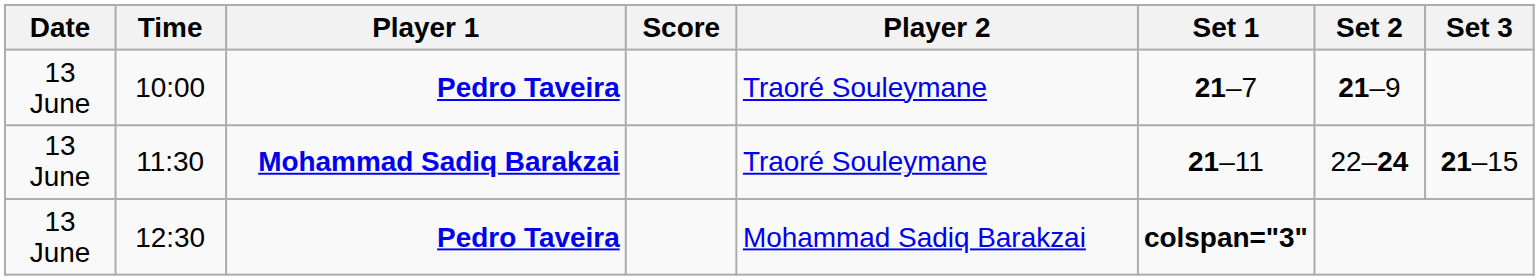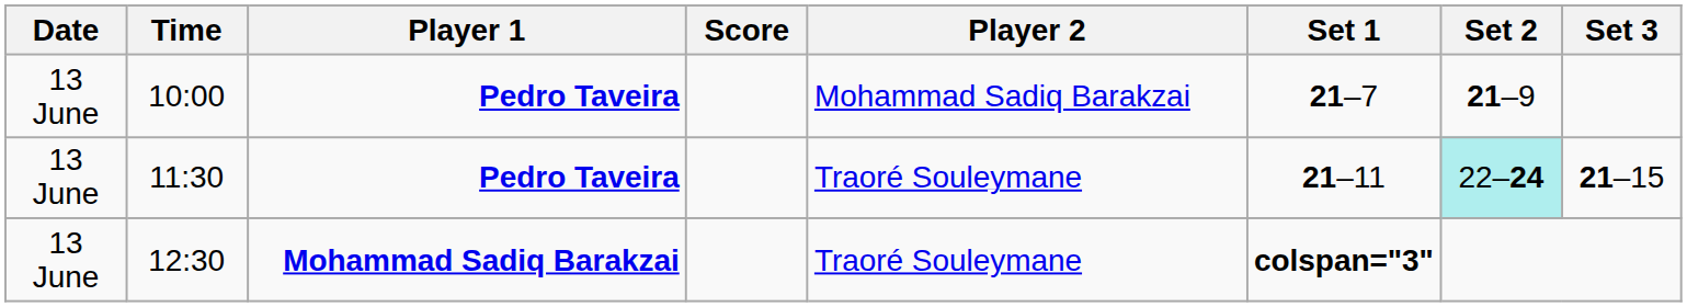 <table class="wikitable" style="font-size:90%; text-align:center">
 <tr>
 <th width="50">Date</th>
 <th width="50">Time</th>
 <th width="200">Player 1</th>
 <th width="50">Score</th>
 <th width="200">Player 2</th>
 <th width="50">Set 1</th>
 <th width="50">Set 2</th>
 <th width="50">Set 3</th>
 </tr>
 <tr>
 <td>13 June</td>
 <td>10:00</td>
 <td align="right"><strong><a href='#'>Pedro Taveira</a> </strong></td>
 <td></td>
-<td align="left"> <a href='#'>Traoré Souleymane</a></td>
+<td align="left"> <a href='#'>Mohammad Sadiq Barakzai</a></td>
 <td><strong>21</strong>–7</td>
 <td><strong>21</strong>–9</td>
 <td></td>
 </tr>
 <tr>
 <td>13 June</td>
 <td>11:30</td>
-<td align="right"><strong><a href='#'>Mohammad Sadiq Barakzai</a> </strong></td>
+<td align="right"><strong><a href='#'>Pedro Taveira</a> </strong></td>
 <td></td>
 <td align="left"> <a href='#'>Traoré Souleymane</a></td>
 <td><strong>21</strong>–11</td>
-<td>22–<strong>24</strong></td>
+<td style="background: paleturquoise;">22–<strong>24</strong></td>
 <td><strong>21</strong>–15</td>
 </tr>
 <tr>
 <td>13 June</td>
 <td>12:30</td>
-<td align="right"><strong><a href='#'>Pedro Taveira</a> </strong></td>
+<td align="right"><strong><a href='#'>Mohammad Sadiq Barakzai</a> </strong></td>
 <td></td>
-<td align="left"> <a href='#'>Mohammad Sadiq Barakzai</a></td>
+<td align="left"> <a href='#'>Traoré Souleymane</a></td>
 <td><strong>colspan="3" </strong></td>
 </tr>
 </table>
